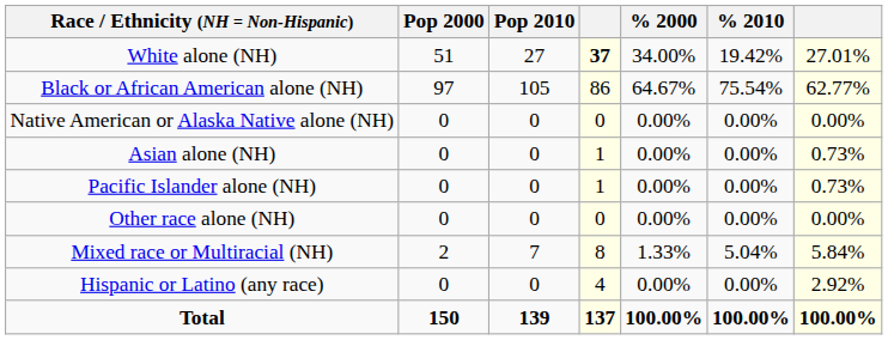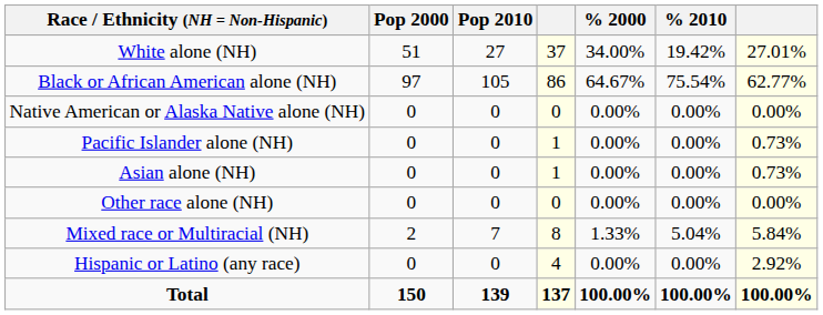 <table class="wikitable"  style="text-align:center;">
 <tr>
 <th>Race / Ethnicity <small>(<em>NH = Non-Hispanic</em>)</small></th>
 <th>Pop 2000</th>
 <th>Pop 2010</th>
 <th></th>
 <th>% 2000</th>
 <th>% 2010</th>
 <th></th>
 </tr>
 <tr>
 <td><a href='#'>White</a> alone (NH)</td>
 <td>51</td>
 <td>27</td>
-<td style='background: #ffffe6;'><strong>37</strong></td>
+<td style='background: #ffffe6;'>37</td>
 <td>34.00%</td>
 <td>19.42%</td>
 <td style='background: #ffffe6;'>27.01%</td>
 </tr>
 <tr>
 <td><a href='#'>Black or African American</a> alone (NH)</td>
 <td>97</td>
 <td>105</td>
 <td style='background: #ffffe6;'>86</td>
 <td>64.67%</td>
 <td>75.54%</td>
 <td style='background: #ffffe6;'>62.77%</td>
 </tr>
 <tr>
 <td>Native American or <a href='#'>Alaska Native</a> alone (NH)</td>
 <td>0</td>
 <td>0</td>
 <td style='background: #ffffe6;'>0</td>
 <td>0.00%</td>
 <td>0.00%</td>
 <td style='background: #ffffe6;'>0.00%</td>
 </tr>
 <tr>
-<td><a href='#'>Asian</a> alone (NH)</td>
+<td><a href='#'>Pacific Islander</a> alone (NH)</td>
 <td>0</td>
 <td>0</td>
 <td style='background: #ffffe6;'>1</td>
 <td>0.00%</td>
 <td>0.00%</td>
 <td style='background: #ffffe6;'>0.73%</td>
 </tr>
 <tr>
-<td><a href='#'>Pacific Islander</a> alone (NH)</td>
+<td><a href='#'>Asian</a> alone (NH)</td>
 <td>0</td>
 <td>0</td>
 <td style='background: #ffffe6;'>1</td>
 <td>0.00%</td>
 <td>0.00%</td>
 <td style='background: #ffffe6;'>0.73%</td>
 </tr>
 <tr>
 <td><a href='#'>Other race</a> alone (NH)</td>
 <td>0</td>
 <td>0</td>
 <td style='background: #ffffe6;'>0</td>
 <td>0.00%</td>
 <td>0.00%</td>
 <td style='background: #ffffe6;'>0.00%</td>
 </tr>
 <tr>
 <td><a href='#'>Mixed race or Multiracial</a> (NH)</td>
 <td>2</td>
 <td>7</td>
 <td style='background: #ffffe6;'>8</td>
 <td>1.33%</td>
 <td>5.04%</td>
 <td style='background: #ffffe6;'>5.84%</td>
 </tr>
 <tr>
 <td><a href='#'>Hispanic or Latino</a> (any race)</td>
 <td>0</td>
 <td>0</td>
 <td style='background: #ffffe6;'>4</td>
 <td>0.00%</td>
 <td>0.00%</td>
 <td style='background: #ffffe6;'>2.92%</td>
 </tr>
 <tr>
 <td><strong>Total</strong></td>
 <td><strong>150</strong></td>
 <td><strong>139</strong></td>
 <td style='background: #ffffe6;'><strong>137</strong></td>
 <td><strong>100.00%</strong></td>
 <td><strong>100.00%</strong></td>
 <td style='background: #ffffe6;'><strong>100.00%</strong></td>
 </tr>
 </table>
